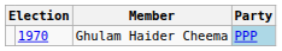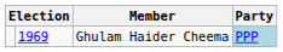 <table class="wikitable">
 <tr>
 <th colspan="2">Election</th>
 <th>Member</th>
 <th>Party</th>
 </tr>
 <tr>
 <td style="background-color: "></td>
-<td><a href='#'>1970</a></td>
+<td><a href='#'>1969</a></td>
 <td>Ghulam Haider Cheema</td>
 <td style="background: lightblue;"><a href='#'>PPP</a></td>
 </tr>
 </table>
